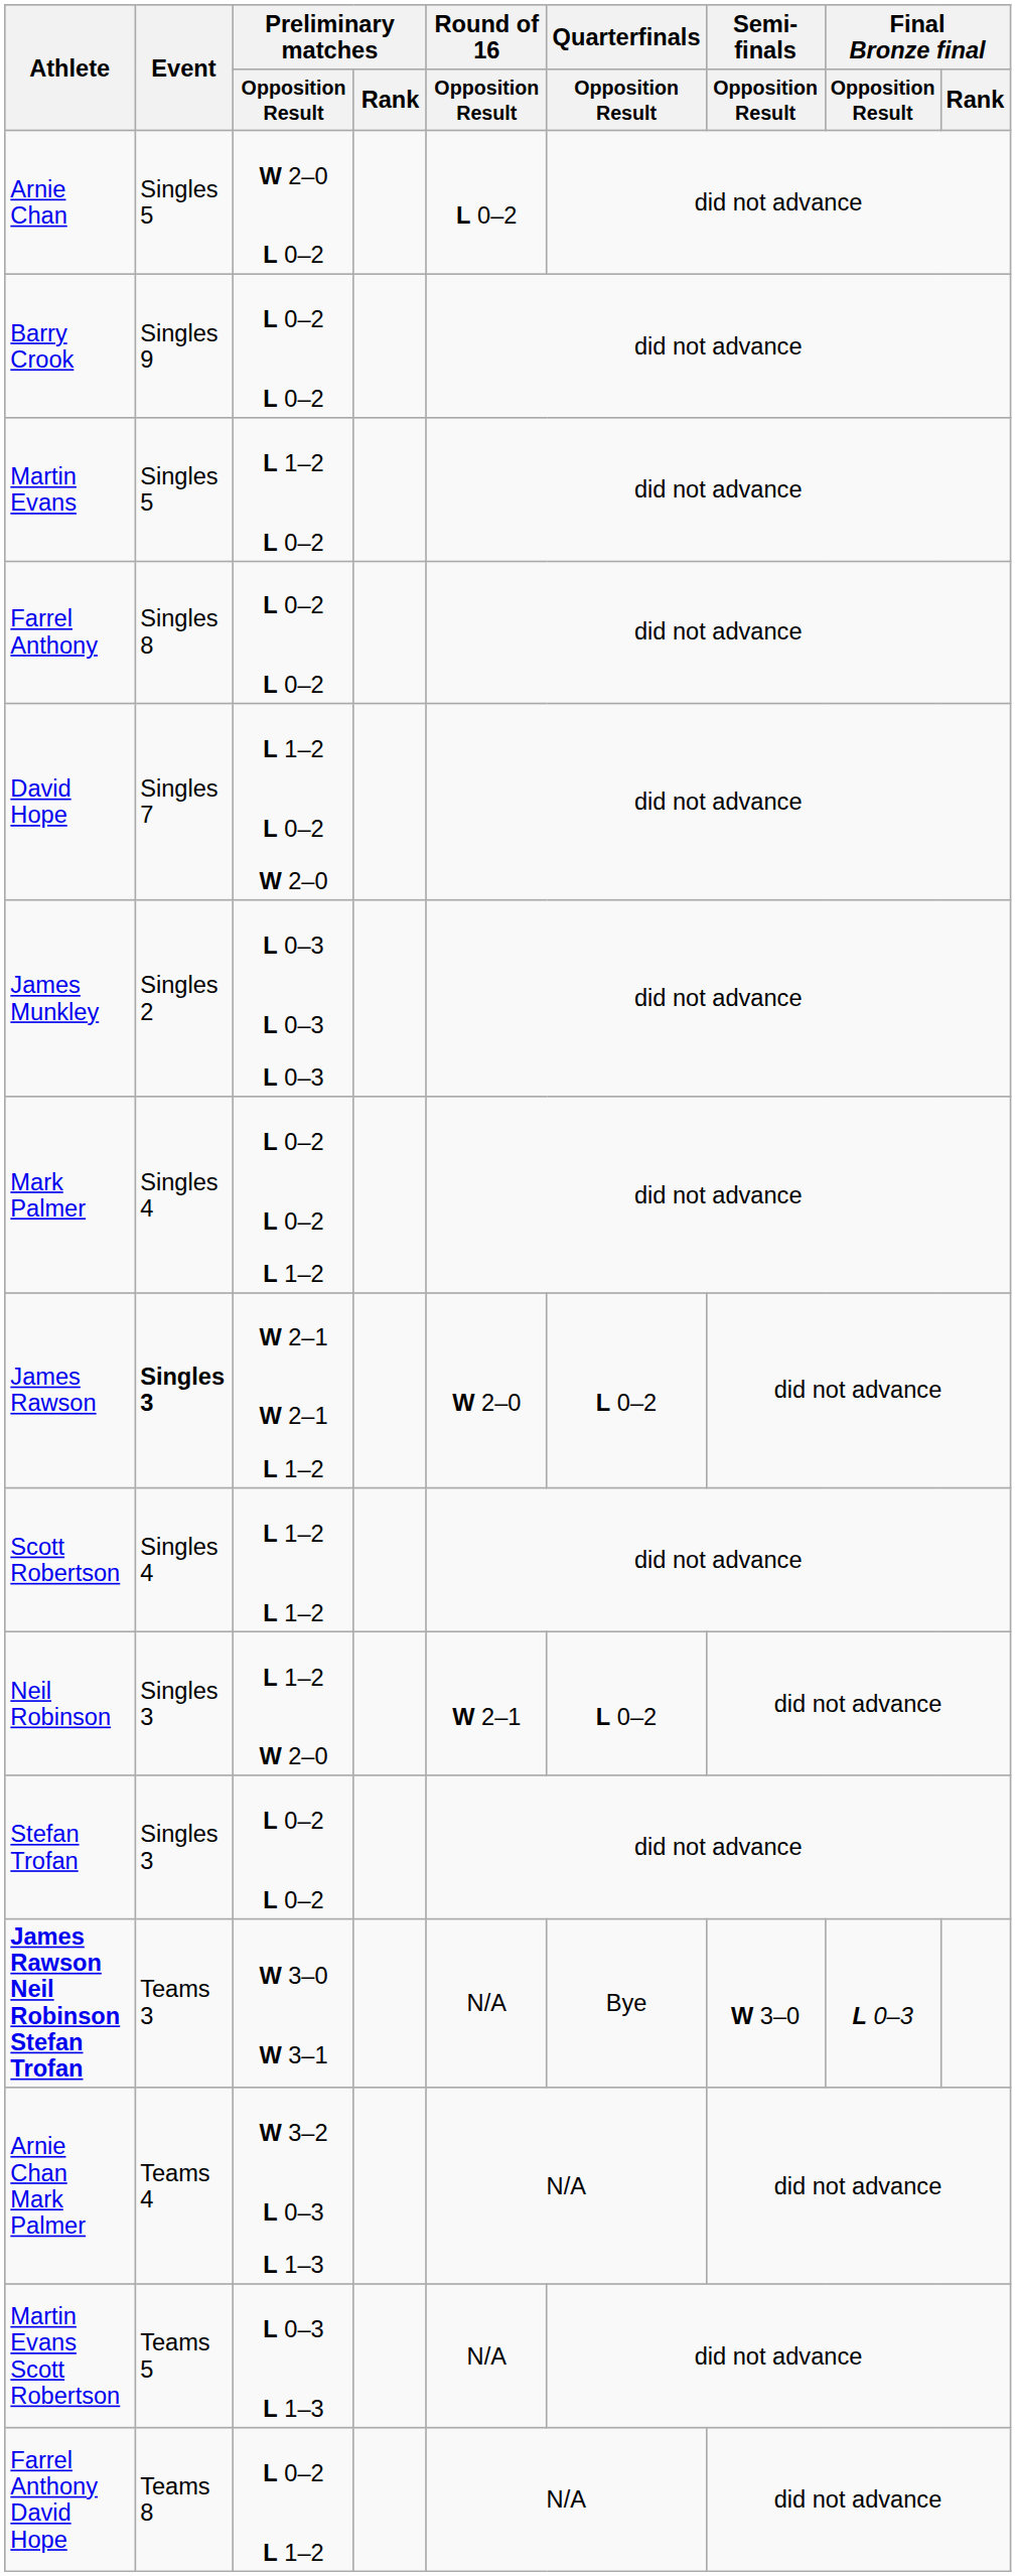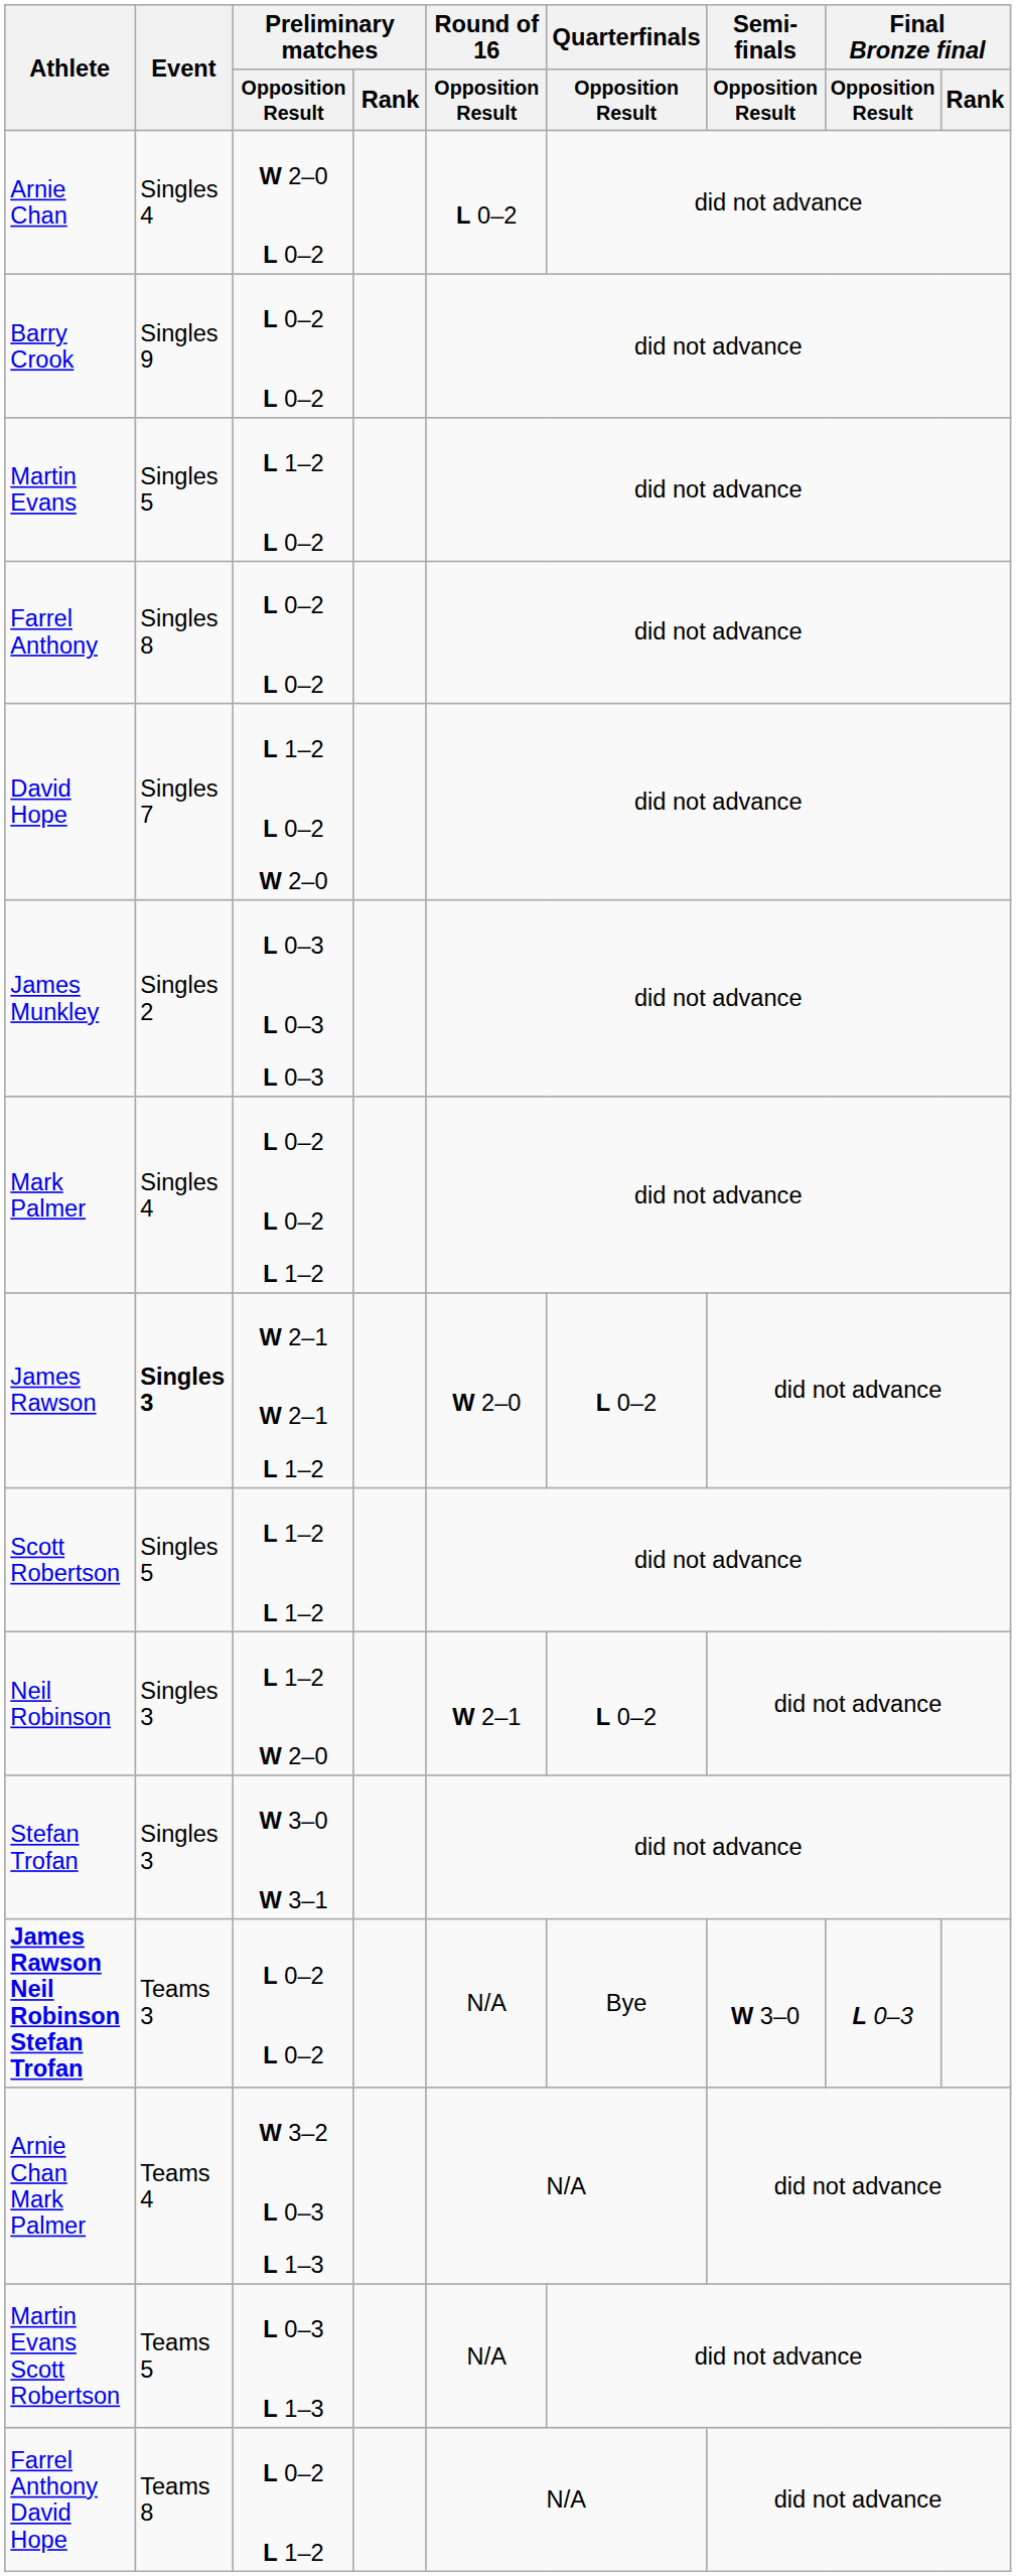 <table class=wikitable style="font-size:90%">
 <tr>
 <th rowspan="2">Athlete</th>
 <th rowspan="2">Event</th>
 <th colspan="2">Preliminary matches</th>
 <th>Round of 16</th>
 <th>Quarterfinals</th>
 <th>Semi-finals</th>
 <th colspan="2">Final<br><em>Bronze final</em></th>
 </tr>
 <tr>
 <th style="line-height:1em"><small>Opposition<br>Result</small></th>
 <th>Rank</th>
 <th style="line-height:1em"><small>Opposition<br>Result</small></th>
 <th style="line-height:1em"><small>Opposition<br>Result</small></th>
 <th style="line-height:1em"><small>Opposition<br>Result</small></th>
 <th style="line-height:1em"><small>Opposition<br>Result</small></th>
 <th>Rank</th>
 </tr>
 <tr>
 <td><a href='#'>Arnie Chan</a></td>
-<td>Singles 5</td>
+<td>Singles 4</td>
 <td align="center"><br> <strong>W</strong> 2–0<br><br><br><strong>L</strong> 0–2</td>
 <td align="center"></td>
 <td align="center"><br> <strong>L</strong> 0–2</td>
 <td align="center" colspan="4">did not advance</td>
 </tr>
 <tr>
 <td><a href='#'>Barry Crook</a></td>
 <td>Singles 9</td>
 <td align="center"><br> <strong>L</strong> 0–2<br><br><br><strong>L</strong> 0–2</td>
 <td align="center"></td>
 <td align="center" colspan="5">did not advance</td>
 </tr>
 <tr>
 <td><a href='#'>Martin Evans</a></td>
 <td>Singles 5</td>
 <td align="center"><br> <strong>L</strong> 1–2<br><br><br><strong>L</strong> 0–2</td>
 <td align="center"></td>
 <td align="center" colspan="5">did not advance</td>
 </tr>
 <tr>
 <td><a href='#'>Farrel Anthony</a></td>
 <td>Singles 8</td>
 <td align="center"><br> <strong>L</strong> 0–2<br><br><br><strong>L</strong> 0–2</td>
 <td align="center"></td>
 <td align="center" colspan="5">did not advance</td>
 </tr>
 <tr>
 <td><a href='#'>David Hope</a></td>
 <td>Singles 7</td>
 <td align="center"><br> <strong>L</strong> 1–2<br><br><br><strong>L</strong> 0–2<br> <br><strong>W</strong> 2–0</td>
 <td align="center"></td>
 <td align="center" colspan="5">did not advance</td>
 </tr>
 <tr>
 <td><a href='#'>James Munkley</a></td>
 <td>Singles 2</td>
 <td align="center"><br> <strong>L</strong> 0–3<br><br><br> <strong>L</strong> 0–3<br> <br> <strong>L</strong> 0–3</td>
 <td align="center"></td>
 <td align="center" colspan="5">did not advance</td>
 </tr>
 <tr>
 <td><a href='#'>Mark Palmer</a></td>
 <td>Singles 4</td>
 <td align="center"><br> <strong>L</strong> 0–2<br><br><br><strong>L</strong> 0–2<br> <br><strong>L</strong> 1–2</td>
 <td align="center"></td>
 <td align="center" colspan="5">did not advance</td>
 </tr>
 <tr>
 <td><a href='#'>James Rawson</a></td>
 <td><strong>Singles 3</strong></td>
 <td align="center"><br> <strong>W</strong> 2–1<br><br><br> <strong>W</strong> 2–1<br> <br> <strong>L</strong> 1–2</td>
 <td align="center"></td>
 <td align="center"><br> <strong>W</strong> 2–0</td>
 <td align="center"><br> <strong>L</strong> 0–2</td>
 <td align="center" colspan="3">did not advance</td>
 </tr>
 <tr>
 <td><a href='#'>Scott Robertson</a></td>
-<td>Singles 4</td>
+<td>Singles 5</td>
 <td align="center"><br> <strong>L</strong> 1–2<br><br><br> <strong>L</strong> 1–2</td>
 <td align="center"></td>
 <td align="center" colspan="5">did not advance</td>
 </tr>
 <tr>
 <td><a href='#'>Neil Robinson</a></td>
 <td>Singles 3</td>
 <td align="center"><br> <strong>L</strong> 1–2<br><br><br> <strong>W</strong> 2–0</td>
 <td align="center"></td>
 <td align="center"><br> <strong>W</strong> 2–1</td>
 <td align="center"><br> <strong>L</strong> 0–2</td>
 <td align="center" colspan="3">did not advance</td>
 </tr>
 <tr>
 <td><a href='#'>Stefan Trofan</a></td>
 <td>Singles 3</td>
-<td align="center"><br> <strong>L</strong> 0–2<br><br><br> <strong>L</strong> 0–2</td>
+<td align="center"><br> <strong>W</strong> 3–0<br><br><br> <strong>W</strong> 3–1</td>
 <td align="center"></td>
 <td align="center" colspan="5">did not advance</td>
 </tr>
 <tr>
 <td><strong><a href='#'>James Rawson</a><br><a href='#'>Neil Robinson</a><br><a href='#'>Stefan Trofan</a></strong></td>
 <td>Teams 3</td>
-<td align="center"><br> <strong>W</strong> 3–0<br><br><br> <strong>W</strong> 3–1</td>
+<td align="center"><br> <strong>L</strong> 0–2<br><br><br> <strong>L</strong> 0–2</td>
 <td align="center"></td>
 <td align="center">N/A</td>
 <td align="center">Bye</td>
 <td align="center"><br> <strong>W</strong> 3–0</td>
 <td align="center"><em><br> <strong>L</strong> 0–3</em></td>
 <td align="center"></td>
 </tr>
 <tr>
 <td><a href='#'>Arnie Chan</a><br><a href='#'>Mark Palmer</a></td>
 <td>Teams 4</td>
 <td align="center"><br> <strong>W</strong> 3–2<br><br><br> <strong>L</strong> 0–3<br> <br> <strong>L</strong> 1–3</td>
 <td align="center"></td>
 <td align="center" colspan="2">N/A</td>
 <td align="center" colspan="4">did not advance</td>
 </tr>
 <tr>
 <td><a href='#'>Martin Evans</a><br><a href='#'>Scott Robertson</a></td>
 <td>Teams 5</td>
 <td align="center"><br> <strong>L</strong> 0–3<br><br><br> <strong>L</strong> 1–3</td>
 <td align="center"></td>
 <td align="center">N/A</td>
 <td align="center" colspan="5">did not advance</td>
 </tr>
 <tr>
 <td><a href='#'>Farrel Anthony</a><br><a href='#'>David Hope</a></td>
 <td>Teams 8</td>
 <td align="center"><br> <strong>L</strong> 0–2<br><br><br> <strong>L</strong> 1–2<br></td>
 <td align="center"></td>
 <td align="center" colspan="2">N/A</td>
 <td align="center" colspan="4">did not advance</td>
 </tr>
 </table>
